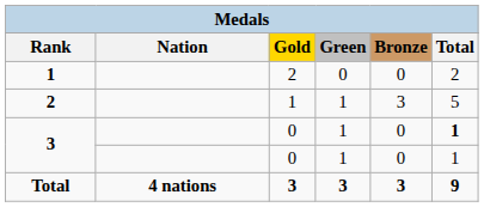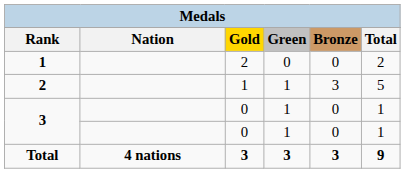 <table class=wikitable style=text-align:center>
 <tr>
 <td colspan=6 style="background:#BCD4E6"><strong>Medals</strong></td>
 </tr>
 <tr>
 </tr>
 <tr style="background-color:#EDEDED;">
 <th width=75px class="hintergrundfarbe5">Rank</th>
 <th width=150px class="hintergrundfarbe6">Nation</th>
 <th width=35px style="background:gold">Gold</th>
 <th width=35px style="background:silver">Green</th>
 <th width=35px style="background:#CC9966">Bronze</th>
 <th width=35px>Total</th>
 </tr>
 <tr>
 <td><strong>1</strong></td>
 <td style="text-align:left"></td>
 <td>2</td>
 <td>0</td>
 <td>0</td>
 <td>2</td>
 </tr>
 <tr>
 <td><strong>2</strong></td>
 <td style="text-align:left"></td>
 <td>1</td>
 <td>1</td>
 <td>3</td>
 <td>5</td>
 </tr>
 <tr>
 <td rowspan="2"><strong>3</strong></td>
 <td style="text-align:left"></td>
 <td>0</td>
 <td>1</td>
 <td>0</td>
-<td><strong>1</strong></td>
+<td>1</td>
 </tr>
 <tr>
 <td style="text-align:left"></td>
 <td>0</td>
 <td>1</td>
 <td>0</td>
 <td>1</td>
 </tr>
 <tr>
 <td><strong>Total</strong></td>
 <td><strong>4 nations</strong></td>
 <td><strong>3</strong></td>
 <td><strong>3</strong></td>
 <td><strong>3</strong></td>
 <td><strong>9</strong></td>
 </tr>
 </table>
